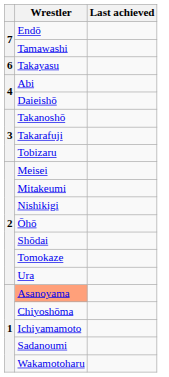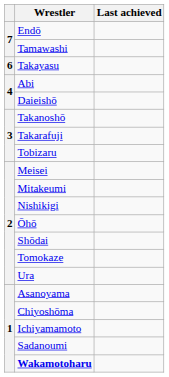 <table class="wikitable sortable">
 <tr>
 <th></th>
 <th>Wrestler</th>
 <th>Last achieved</th>
 </tr>
 <tr>
 <th rowspan=2>7</th>
 <td><a href='#'>Endō</a></td>
 <td></td>
 </tr>
 <tr>
 <td><a href='#'>Tamawashi</a></td>
 <td></td>
 </tr>
 <tr>
 <th>6</th>
 <td><a href='#'>Takayasu</a></td>
 <td></td>
 </tr>
 <tr>
 <th rowspan=2>4</th>
 <td><a href='#'>Abi</a></td>
 <td></td>
 </tr>
 <tr>
 <td><a href='#'>Daieishō</a></td>
 <td></td>
 </tr>
 <tr>
 <th rowspan=3>3</th>
 <td><a href='#'>Takanoshō</a></td>
 <td></td>
 </tr>
 <tr>
 <td><a href='#'>Takarafuji</a></td>
 <td></td>
 </tr>
 <tr>
 <td><a href='#'>Tobizaru</a></td>
 <td></td>
 </tr>
 <tr>
 <th rowspan=7>2</th>
 <td><a href='#'>Meisei</a></td>
 <td></td>
 </tr>
 <tr>
 <td><a href='#'>Mitakeumi</a></td>
 <td></td>
 </tr>
 <tr>
 <td><a href='#'>Nishikigi</a></td>
 <td></td>
 </tr>
 <tr>
 <td><a href='#'>Ōhō</a></td>
 <td></td>
 </tr>
 <tr>
 <td><a href='#'>Shōdai</a></td>
 <td></td>
 </tr>
 <tr>
 <td><a href='#'>Tomokaze</a></td>
 <td></td>
 </tr>
 <tr>
 <td><a href='#'>Ura</a></td>
 <td></td>
 </tr>
 <tr>
 <th rowspan=5>1</th>
-<td style="background: lightsalmon;"><a href='#'>Asanoyama</a></td>
+<td><a href='#'>Asanoyama</a></td>
 <td></td>
 </tr>
 <tr>
 <td><a href='#'>Chiyoshōma</a></td>
 <td></td>
 </tr>
 <tr>
 <td><a href='#'>Ichiyamamoto</a></td>
 <td></td>
 </tr>
 <tr>
 <td><a href='#'>Sadanoumi</a></td>
 <td></td>
 </tr>
 <tr>
-<td><a href='#'>Wakamotoharu</a></td>
+<td><strong><a href='#'>Wakamotoharu</a></strong></td>
 <td></td>
 </tr>
 </table>
